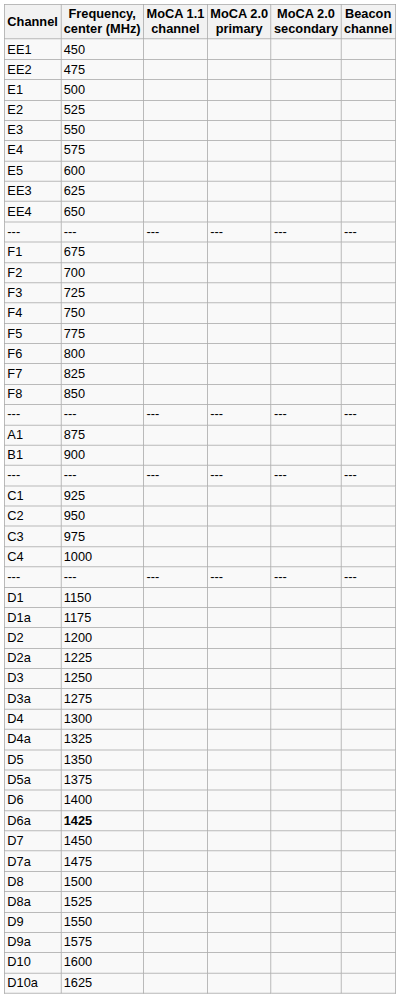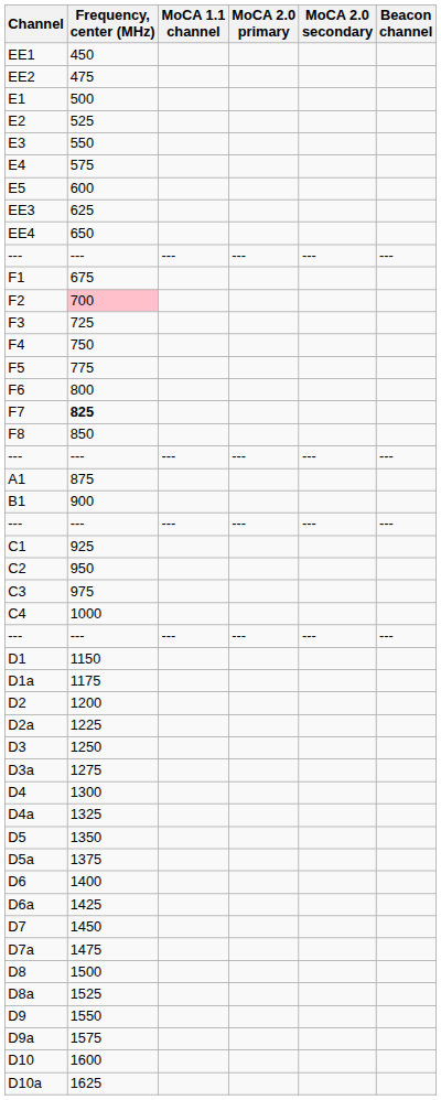 <table class="wikitable">
 <tr>
 <th>Channel</th>
 <th>Frequency, <br>center (MHz)</th>
 <th>MoCA 1.1 <br>channel</th>
 <th>MoCA 2.0 <br>primary</th>
 <th>MoCA 2.0 <br>secondary</th>
 <th>Beacon <br>channel</th>
 </tr>
 <tr>
 <td>EE1</td>
 <td>450</td>
 <td> </td>
 <td> </td>
 <td></td>
 <td> </td>
 </tr>
 <tr>
 <td>EE2</td>
 <td>475</td>
 <td> </td>
 <td> </td>
 <td></td>
 <td> </td>
 </tr>
 <tr>
 <td>E1</td>
 <td>500</td>
 <td></td>
 <td> </td>
 <td></td>
 <td></td>
 </tr>
 <tr>
 <td>E2</td>
 <td>525</td>
 <td></td>
 <td></td>
 <td> </td>
 <td></td>
 </tr>
 <tr>
 <td>E3</td>
 <td>550</td>
 <td></td>
 <td></td>
 <td> </td>
 <td></td>
 </tr>
 <tr>
 <td>E4</td>
 <td>575</td>
 <td></td>
 <td></td>
 <td> </td>
 <td></td>
 </tr>
 <tr>
 <td>E5</td>
 <td>600</td>
 <td></td>
 <td></td>
 <td> </td>
 <td></td>
 </tr>
 <tr>
 <td>EE3</td>
 <td>625</td>
 <td> </td>
 <td></td>
 <td> </td>
 <td> </td>
 </tr>
 <tr>
 <td>EE4</td>
 <td>650</td>
 <td> </td>
 <td> </td>
 <td></td>
 <td> </td>
 </tr>
 <tr>
 <td>---</td>
 <td>---</td>
 <td>---</td>
 <td>---</td>
 <td>---</td>
 <td>---</td>
 </tr>
 <tr>
 <td>F1</td>
 <td>675</td>
 <td></td>
 <td> </td>
 <td> </td>
 <td></td>
 </tr>
 <tr>
 <td>F2</td>
-<td>700</td>
+<td style="background: pink;">700</td>
 <td></td>
 <td></td>
 <td></td>
 <td></td>
 </tr>
 <tr>
 <td>F3</td>
 <td>725</td>
 <td></td>
 <td></td>
 <td> </td>
 <td></td>
 </tr>
 <tr>
 <td>F4</td>
 <td>750</td>
 <td></td>
 <td></td>
 <td> </td>
 <td></td>
 </tr>
 <tr>
 <td>F5</td>
 <td>775</td>
 <td></td>
 <td></td>
 <td> </td>
 <td></td>
 </tr>
 <tr>
 <td>F6</td>
 <td>800</td>
 <td></td>
 <td></td>
 <td> </td>
 <td></td>
 </tr>
 <tr>
 <td>F7</td>
-<td>825</td>
+<td><strong>825</strong></td>
 <td></td>
 <td></td>
 <td></td>
 <td></td>
 </tr>
 <tr>
 <td>F8</td>
 <td>850</td>
 <td></td>
 <td> </td>
 <td> </td>
 <td></td>
 </tr>
 <tr>
 <td>---</td>
 <td>---</td>
 <td>---</td>
 <td>---</td>
 <td>---</td>
 <td>---</td>
 </tr>
 <tr>
 <td>A1</td>
 <td>875</td>
 <td> </td>
 <td> </td>
 <td> </td>
 <td> </td>
 </tr>
 <tr>
 <td>B1</td>
 <td>900</td>
 <td> </td>
 <td> </td>
 <td> </td>
 <td> </td>
 </tr>
 <tr>
 <td>---</td>
 <td>---</td>
 <td>---</td>
 <td>---</td>
 <td>---</td>
 <td>---</td>
 </tr>
 <tr>
 <td>C1</td>
 <td>925</td>
 <td> </td>
 <td> </td>
 <td> </td>
 <td> </td>
 </tr>
 <tr>
 <td>C2</td>
 <td>950</td>
 <td> </td>
 <td> </td>
 <td> </td>
 <td> </td>
 </tr>
 <tr>
 <td>C3</td>
 <td>975</td>
 <td> </td>
 <td> </td>
 <td> </td>
 <td> </td>
 </tr>
 <tr>
 <td>C4</td>
 <td>1000</td>
 <td> </td>
 <td> </td>
 <td> </td>
 <td> </td>
 </tr>
 <tr>
 <td>---</td>
 <td>---</td>
 <td>---</td>
 <td>---</td>
 <td>---</td>
 <td>---</td>
 </tr>
 <tr>
 <td>D1</td>
 <td>1150</td>
 <td></td>
 <td> </td>
 <td> </td>
 <td></td>
 </tr>
 <tr>
 <td>D1a</td>
 <td>1175</td>
 <td> </td>
 <td></td>
 <td></td>
 <td> </td>
 </tr>
 <tr>
 <td>D2</td>
 <td>1200</td>
 <td></td>
 <td></td>
 <td></td>
 <td></td>
 </tr>
 <tr>
 <td>D2a</td>
 <td>1225</td>
 <td> </td>
 <td></td>
 <td></td>
 <td> </td>
 </tr>
 <tr>
 <td>D3</td>
 <td>1250</td>
 <td></td>
 <td></td>
 <td></td>
 <td></td>
 </tr>
 <tr>
 <td>D3a</td>
 <td>1275</td>
 <td> </td>
 <td></td>
 <td></td>
 <td> </td>
 </tr>
 <tr>
 <td>D4</td>
 <td>1300</td>
 <td></td>
 <td></td>
 <td></td>
 <td></td>
 </tr>
 <tr>
 <td>D4a</td>
 <td>1325</td>
 <td> </td>
 <td></td>
 <td></td>
 <td> </td>
 </tr>
 <tr>
 <td>D5</td>
 <td>1350</td>
 <td></td>
 <td></td>
 <td></td>
 <td></td>
 </tr>
 <tr>
 <td>D5a</td>
 <td>1375</td>
 <td> </td>
 <td></td>
 <td></td>
 <td> </td>
 </tr>
 <tr>
 <td>D6</td>
 <td>1400</td>
 <td></td>
 <td></td>
 <td></td>
 <td></td>
 </tr>
 <tr>
 <td>D6a</td>
-<td><strong>1425</strong></td>
+<td>1425</td>
 <td> </td>
 <td></td>
 <td></td>
 <td> </td>
 </tr>
 <tr>
 <td>D7</td>
 <td>1450</td>
 <td></td>
 <td></td>
 <td></td>
 <td></td>
 </tr>
 <tr>
 <td>D7a</td>
 <td>1475</td>
 <td> </td>
 <td></td>
 <td></td>
 <td> </td>
 </tr>
 <tr>
 <td>D8</td>
 <td>1500</td>
 <td></td>
 <td></td>
 <td></td>
 <td></td>
 </tr>
 <tr>
 <td>D8a</td>
 <td>1525</td>
 <td> </td>
 <td></td>
 <td></td>
 <td> </td>
 </tr>
 <tr>
 <td>D9</td>
 <td>1550</td>
 <td> </td>
 <td></td>
 <td></td>
 <td></td>
 </tr>
 <tr>
 <td>D9a</td>
 <td>1575</td>
 <td> </td>
 <td></td>
 <td></td>
 <td> </td>
 </tr>
 <tr>
 <td>D10</td>
 <td>1600</td>
 <td> </td>
 <td></td>
 <td></td>
 <td></td>
 </tr>
 <tr>
 <td>D10a</td>
 <td>1625</td>
 <td> </td>
 <td></td>
 <td></td>
 <td> </td>
 </tr>
 </table>
